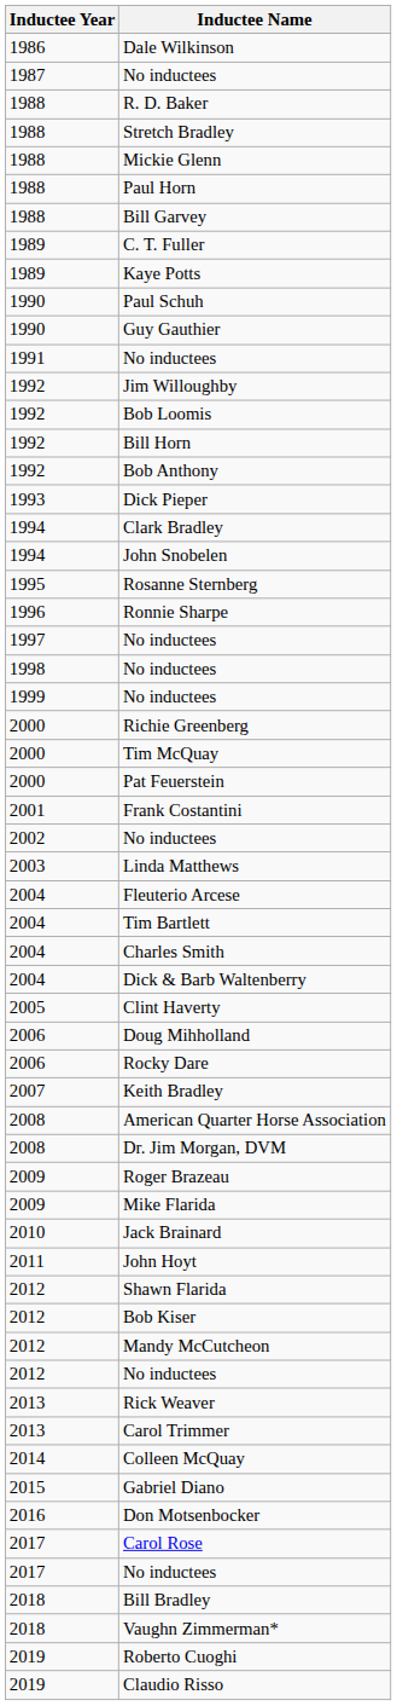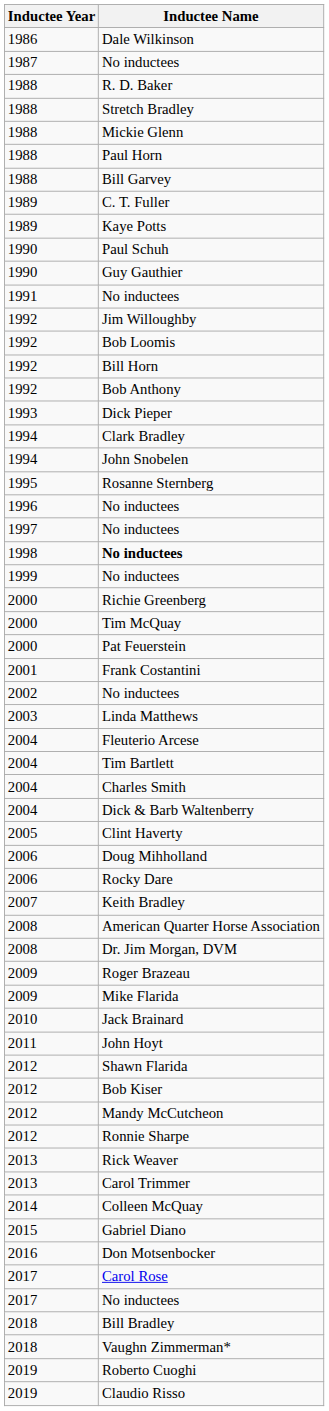 <table class="wikitable">
 <tr>
 <th>Inductee Year</th>
 <th>Inductee Name</th>
 </tr>
 <tr>
 <td>1986</td>
 <td>Dale Wilkinson</td>
 </tr>
 <tr>
 <td>1987</td>
 <td>No inductees</td>
 </tr>
 <tr>
 <td>1988</td>
 <td>R. D. Baker</td>
 </tr>
 <tr>
 <td>1988</td>
 <td>Stretch Bradley</td>
 </tr>
 <tr>
 <td>1988</td>
 <td>Mickie Glenn</td>
 </tr>
 <tr>
 <td>1988</td>
 <td>Paul Horn</td>
 </tr>
 <tr>
 <td>1988</td>
 <td>Bill Garvey</td>
 </tr>
 <tr>
 <td>1989</td>
 <td>C. T. Fuller</td>
 </tr>
 <tr>
 <td>1989</td>
 <td>Kaye Potts</td>
 </tr>
 <tr>
 <td>1990</td>
 <td>Paul Schuh</td>
 </tr>
 <tr>
 <td>1990</td>
 <td>Guy Gauthier</td>
 </tr>
 <tr>
 <td>1991</td>
 <td>No inductees</td>
 </tr>
 <tr>
 <td>1992</td>
 <td>Jim Willoughby</td>
 </tr>
 <tr>
 <td>1992</td>
 <td>Bob Loomis</td>
 </tr>
 <tr>
 <td>1992</td>
 <td>Bill Horn</td>
 </tr>
 <tr>
 <td>1992</td>
 <td>Bob Anthony</td>
 </tr>
 <tr>
 <td>1993</td>
 <td>Dick Pieper</td>
 </tr>
 <tr>
 <td>1994</td>
 <td>Clark Bradley</td>
 </tr>
 <tr>
 <td>1994</td>
 <td>John Snobelen</td>
 </tr>
 <tr>
 <td>1995</td>
 <td>Rosanne Sternberg</td>
 </tr>
 <tr>
 <td>1996</td>
-<td>Ronnie Sharpe</td>
+<td>No inductees</td>
 </tr>
 <tr>
 <td>1997</td>
 <td>No inductees</td>
 </tr>
 <tr>
 <td>1998</td>
-<td>No inductees</td>
+<td><strong>No inductees</strong></td>
 </tr>
 <tr>
 <td>1999</td>
 <td>No inductees</td>
 </tr>
 <tr>
 <td>2000</td>
 <td>Richie Greenberg</td>
 </tr>
 <tr>
 <td>2000</td>
 <td>Tim McQuay</td>
 </tr>
 <tr>
 <td>2000</td>
 <td>Pat Feuerstein</td>
 </tr>
 <tr>
 <td>2001</td>
 <td>Frank Costantini</td>
 </tr>
 <tr>
 <td>2002</td>
 <td>No inductees</td>
 </tr>
 <tr>
 <td>2003</td>
 <td>Linda Matthews</td>
 </tr>
 <tr>
 <td>2004</td>
 <td>Fleuterio Arcese</td>
 </tr>
 <tr>
 <td>2004</td>
 <td>Tim Bartlett</td>
 </tr>
 <tr>
 <td>2004</td>
 <td>Charles Smith</td>
 </tr>
 <tr>
 <td>2004</td>
 <td>Dick & Barb Waltenberry</td>
 </tr>
 <tr>
 <td>2005</td>
 <td>Clint Haverty</td>
 </tr>
 <tr>
 <td>2006</td>
 <td>Doug Mihholland</td>
 </tr>
 <tr>
 <td>2006</td>
 <td>Rocky Dare</td>
 </tr>
 <tr>
 <td>2007</td>
 <td>Keith Bradley</td>
 </tr>
 <tr>
 <td>2008</td>
 <td>American Quarter Horse Association</td>
 </tr>
 <tr>
 <td>2008</td>
 <td>Dr. Jim Morgan, DVM</td>
 </tr>
 <tr>
 <td>2009</td>
 <td>Roger Brazeau</td>
 </tr>
 <tr>
 <td>2009</td>
 <td>Mike Flarida</td>
 </tr>
 <tr>
 <td>2010</td>
 <td>Jack Brainard</td>
 </tr>
 <tr>
 <td>2011</td>
 <td>John Hoyt</td>
 </tr>
 <tr>
 <td>2012</td>
 <td>Shawn Flarida</td>
 </tr>
 <tr>
 <td>2012</td>
 <td>Bob Kiser</td>
 </tr>
 <tr>
 <td>2012</td>
 <td>Mandy McCutcheon</td>
 </tr>
 <tr>
 <td>2012</td>
-<td>No inductees</td>
+<td>Ronnie Sharpe</td>
 </tr>
 <tr>
 <td>2013</td>
 <td>Rick Weaver</td>
 </tr>
 <tr>
 <td>2013</td>
 <td>Carol Trimmer</td>
 </tr>
 <tr>
 <td>2014</td>
 <td>Colleen McQuay</td>
 </tr>
 <tr>
 <td>2015</td>
 <td>Gabriel Diano</td>
 </tr>
 <tr>
 <td>2016</td>
 <td>Don Motsenbocker</td>
 </tr>
 <tr>
 <td>2017</td>
 <td><a href='#'>Carol Rose</a></td>
 </tr>
 <tr>
 <td>2017</td>
 <td>No inductees</td>
 </tr>
 <tr>
 <td>2018</td>
 <td>Bill Bradley</td>
 </tr>
 <tr>
 <td>2018</td>
 <td>Vaughn Zimmerman*</td>
 </tr>
 <tr>
 <td>2019</td>
 <td>Roberto Cuoghi</td>
 </tr>
 <tr>
 <td>2019</td>
 <td>Claudio Risso</td>
 </tr>
 </table>
